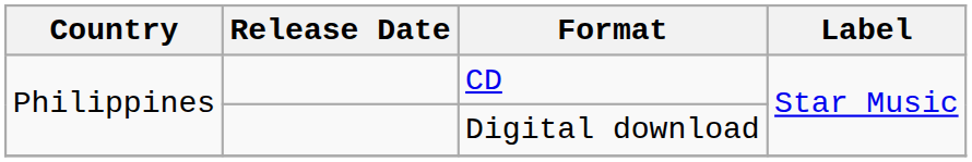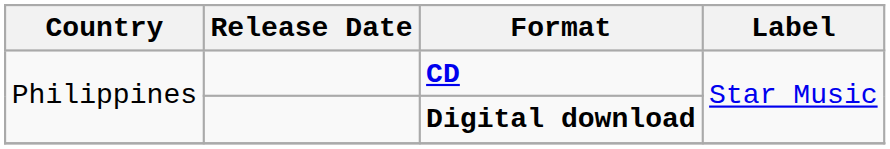 <table class="wikitable">
 <tr>
 <th>Country</th>
 <th>Release Date</th>
 <th>Format</th>
 <th>Label</th>
 </tr>
 <tr>
 <td rowspan="2">Philippines</td>
 <td></td>
-<td><a href='#'>CD</a></td>
+<td><strong><a href='#'>CD</a></strong></td>
 <td rowspan="2"><a href='#'>Star Music</a></td>
 </tr>
 <tr>
 <td></td>
-<td>Digital download</td>
+<td><strong>Digital download</strong></td>
 </tr>
 <tr>
 </tr>
 </table>
